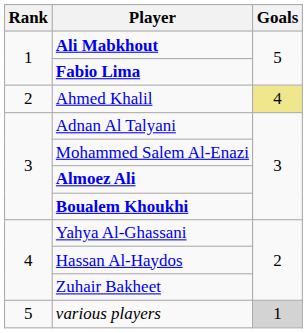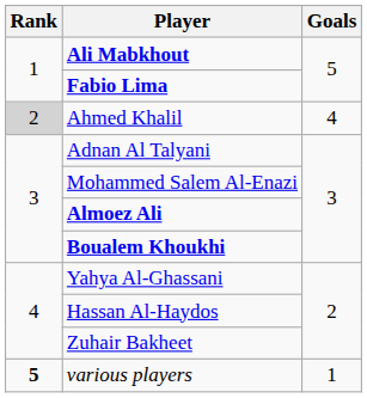 <table class="wikitable" align="center">
 <tr align="center">
 <th>Rank</th>
 <th>Player</th>
 <th>Goals</th>
 </tr>
 <tr>
 <td align=center rowspan="2">1</td>
 <td> <strong><a href='#'>Ali Mabkhout</a></strong></td>
 <td align=center rowspan="2">5</td>
 </tr>
 <tr>
 <td> <strong><a href='#'>Fabio Lima</a></strong></td>
 </tr>
 <tr>
-<td align=center>2</td>
+<td align=center style="background: lightgrey;">2</td>
 <td> <a href='#'>Ahmed Khalil</a></td>
-<td align=center style="background: khaki;">4</td>
+<td align=center>4</td>
 </tr>
 <tr>
 <td align=center rowspan="4">3</td>
 <td> <a href='#'>Adnan Al Talyani</a></td>
 <td align=center rowspan="4">3</td>
 </tr>
 <tr>
 <td> <a href='#'>Mohammed Salem Al-Enazi</a></td>
 </tr>
 <tr>
 <td> <strong><a href='#'>Almoez Ali</a></strong></td>
 </tr>
 <tr>
 <td> <strong><a href='#'>Boualem Khoukhi</a></strong></td>
 </tr>
 <tr>
 <td align=center rowspan="3">4</td>
 <td> <a href='#'>Yahya Al-Ghassani</a></td>
 <td align=center rowspan="3">2</td>
 </tr>
 <tr>
 <td> <a href='#'>Hassan Al-Haydos</a></td>
 </tr>
 <tr>
 <td> <a href='#'>Zuhair Bakheet</a></td>
 </tr>
 <tr>
-<td align=center>5</td>
+<td align=center><strong>5</strong></td>
 <td><em>various players</em></td>
-<td align=center style="background: lightgrey;">1</td>
+<td align=center>1</td>
 </tr>
 </table>
